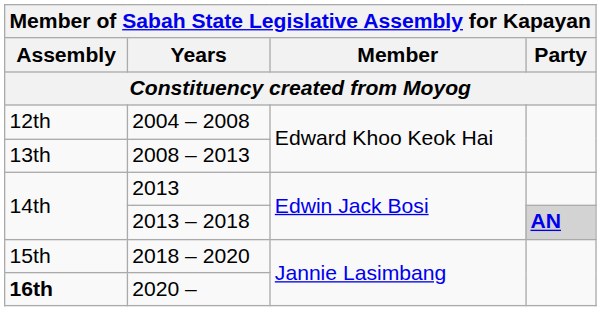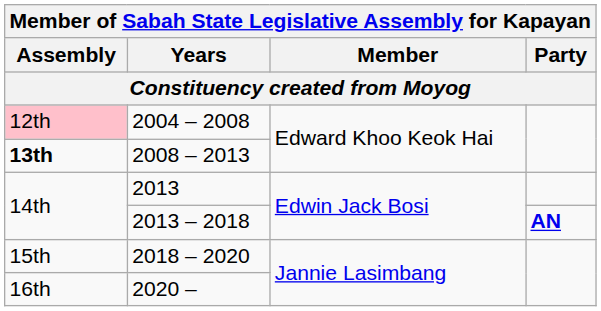 <table class="wikitable">
 <tr>
 <th colspan="4">Member of <a href='#'>Sabah State Legislative Assembly</a> for Kapayan</th>
 </tr>
 <tr>
 <th>Assembly</th>
 <th>Years</th>
 <th>Member</th>
 <th>Party</th>
 </tr>
 <tr>
 <th colspan="4" align="center"><em>Constituency created from Moyog</em></th>
 </tr>
 <tr>
-<td>12th</td>
+<td style="background: pink;">12th</td>
 <td>2004 – 2008</td>
 <td rowspan="2">Edward Khoo Keok Hai</td>
 <td rowspan="2"></td>
 </tr>
 <tr>
-<td>13th</td>
+<td><strong>13th</strong></td>
 <td>2008 – 2013</td>
 </tr>
 <tr>
 <td rowspan="2">14th</td>
 <td>2013</td>
 <td rowspan="2"><a href='#'>Edwin Jack Bosi</a></td>
 <td></td>
 </tr>
 <tr>
 <td>2013 – 2018</td>
-<td style="background: lightgrey;"><strong><a href='#'>AN</a></strong></td>
+<td><strong><a href='#'>AN</a></strong></td>
 </tr>
 <tr>
 <td>15th</td>
 <td>2018 – 2020</td>
 <td rowspan="2"><a href='#'>Jannie Lasimbang</a></td>
 <td rowspan="2"></td>
 </tr>
 <tr>
-<td><strong>16th</strong></td>
+<td>16th</td>
 <td>2020 –</td>
 </tr>
 </table>
